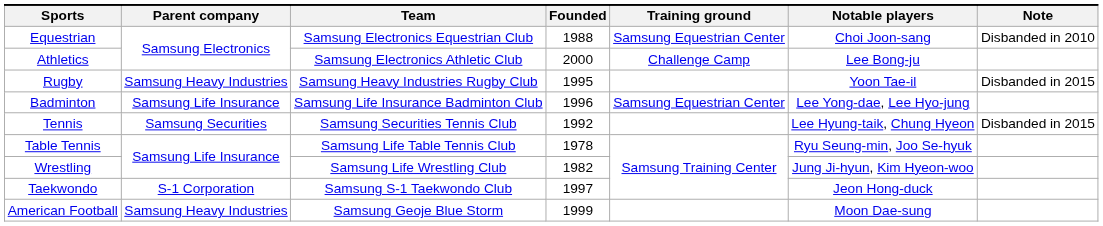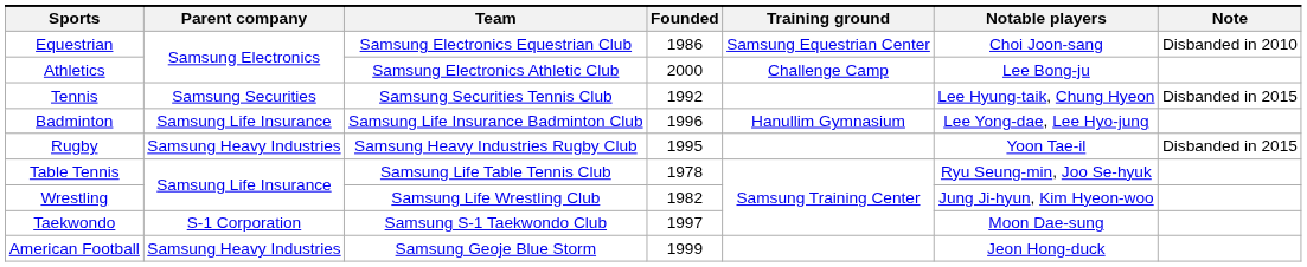 <table class="wikitable" style="font-size:90%;text-align:center;background:transparent">
 <tr style="border-bottom:solid 2px">
 </tr>
 <tr bgcolor="#efefef">
 <th>Sports</th>
 <th>Parent company</th>
 <th>Team</th>
 <th>Founded</th>
 <th>Training ground</th>
 <th>Notable players</th>
 <th>Note</th>
 </tr>
 <tr>
 <td><a href='#'>Equestrian</a></td>
 <td rowspan="2"><a href='#'>Samsung Electronics</a></td>
 <td><a href='#'>Samsung Electronics Equestrian Club</a></td>
-<td>1988</td>
+<td>1986</td>
 <td><a href='#'>Samsung Equestrian Center</a></td>
 <td><a href='#'>Choi Joon-sang</a></td>
 <td>Disbanded in 2010</td>
 </tr>
 <tr>
 <td><a href='#'>Athletics</a></td>
 <td><a href='#'>Samsung Electronics Athletic Club</a></td>
 <td>2000</td>
 <td><a href='#'>Challenge Camp</a></td>
 <td><a href='#'>Lee Bong-ju</a></td>
 <td></td>
 </tr>
 <tr>
-<td><a href='#'>Rugby</a></td>
-<td><a href='#'>Samsung Heavy Industries</a></td>
-<td><a href='#'>Samsung Heavy Industries Rugby Club</a></td>
-<td>1995</td>
+<td><a href='#'>Tennis</a></td>
+<td><a href='#'>Samsung Securities</a></td>
+<td><a href='#'>Samsung Securities Tennis Club</a></td>
+<td>1992</td>
 <td></td>
-<td><a href='#'>Yoon Tae-il</a></td>
+<td><a href='#'>Lee Hyung-taik</a>, <a href='#'>Chung Hyeon</a></td>
 <td>Disbanded in 2015</td>
 </tr>
 <tr>
 <td><a href='#'>Badminton</a></td>
 <td><a href='#'>Samsung Life Insurance</a></td>
 <td><a href='#'>Samsung Life Insurance Badminton Club</a></td>
 <td>1996</td>
-<td><a href='#'>Samsung Equestrian Center</a></td>
+<td><a href='#'>Hanullim Gymnasium</a></td>
 <td><a href='#'>Lee Yong-dae</a>, <a href='#'>Lee Hyo-jung</a></td>
 <td></td>
 </tr>
 <tr>
-<td><a href='#'>Tennis</a></td>
-<td><a href='#'>Samsung Securities</a></td>
-<td><a href='#'>Samsung Securities Tennis Club</a></td>
-<td>1992</td>
+<td><a href='#'>Rugby</a></td>
+<td><a href='#'>Samsung Heavy Industries</a></td>
+<td><a href='#'>Samsung Heavy Industries Rugby Club</a></td>
+<td>1995</td>
 <td></td>
-<td><a href='#'>Lee Hyung-taik</a>, <a href='#'>Chung Hyeon</a></td>
+<td><a href='#'>Yoon Tae-il</a></td>
 <td>Disbanded in 2015</td>
 </tr>
 <tr>
 <td><a href='#'>Table Tennis</a></td>
 <td rowspan="2"><a href='#'>Samsung Life Insurance</a></td>
 <td><a href='#'>Samsung Life Table Tennis Club</a></td>
 <td>1978</td>
 <td rowspan="3"><a href='#'>Samsung Training Center</a></td>
 <td><a href='#'>Ryu Seung-min</a>, <a href='#'>Joo Se-hyuk</a></td>
 <td></td>
 </tr>
 <tr>
 <td><a href='#'>Wrestling</a></td>
 <td><a href='#'>Samsung Life Wrestling Club</a></td>
 <td>1982</td>
 <td><a href='#'>Jung Ji-hyun</a>, <a href='#'>Kim Hyeon-woo</a></td>
 <td></td>
 </tr>
 <tr>
 <td><a href='#'>Taekwondo</a></td>
 <td><a href='#'>S-1 Corporation</a></td>
 <td><a href='#'>Samsung S-1 Taekwondo Club</a></td>
 <td>1997</td>
-<td><a href='#'>Jeon Hong-duck</a></td>
+<td><a href='#'>Moon Dae-sung</a></td>
 <td></td>
 </tr>
 <tr>
 <td><a href='#'>American Football</a></td>
 <td><a href='#'>Samsung Heavy Industries</a></td>
 <td><a href='#'>Samsung Geoje Blue Storm</a></td>
 <td>1999</td>
 <td></td>
-<td><a href='#'>Moon Dae-sung</a></td>
+<td><a href='#'>Jeon Hong-duck</a></td>
 <td></td>
 </tr>
 </table>
